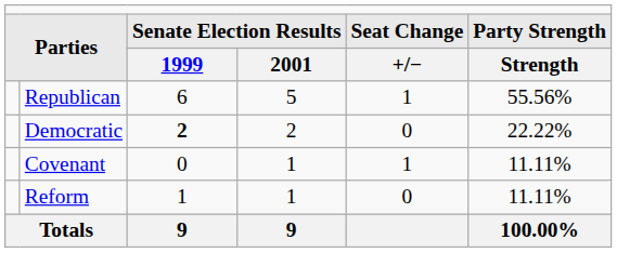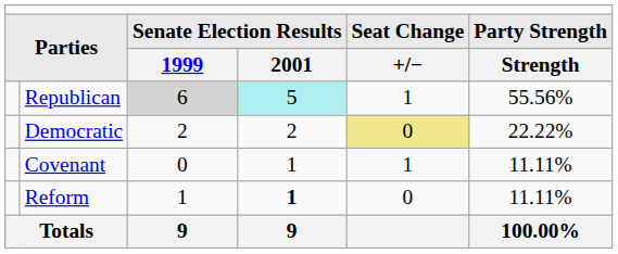 <table class="wikitable">
 <tr>
 <td colspan="6"></td>
 </tr>
 <tr>
 <th colspan="2" rowspan="2" style="background:#e9e9e9; text-align:center">Parties</th>
 <th colspan="2" style="background:#e9e9e9; text-align:center">Senate Election Results</th>
 <th colspan="1" style="background:#e9e9e9; text-align:center">Seat Change</th>
 <th colspan="1" style="background:#e9e9e9; text-align:center">Party Strength</th>
 </tr>
 <tr style="background:#e9e9e9">
 <th><a href='#'>1999</a></th>
 <th>2001</th>
 <th>+/−</th>
 <th>Strength</th>
 </tr>
 <tr>
 <td style="background-color:"> </td>
 <td><a href='#'>Republican</a></td>
-<td align="center">6</td>
-<td align="center">5</td>
+<td align="center" style="background: lightgrey;">6</td>
+<td align="center" style="background: paleturquoise;">5</td>
 <td align="center">1 </td>
 <td align="center">55.56%</td>
 </tr>
 <tr>
 <td style="background-color:"> </td>
 <td><a href='#'>Democratic</a></td>
-<td align="center"><strong>2</strong></td>
 <td align="center">2</td>
-<td align="center">0 </td>
+<td align="center">2</td>
+<td align="center" style="background: khaki;">0 </td>
 <td align="center">22.22%</td>
 </tr>
 <tr>
 <td style="background-color:"> </td>
 <td><a href='#'>Covenant</a></td>
 <td align="center">0</td>
 <td align="center">1</td>
 <td align="center">1 </td>
 <td align="center">11.11%</td>
 </tr>
 <tr>
 <td style="background-color:"> </td>
 <td><a href='#'>Reform</a></td>
 <td align="center">1</td>
-<td align="center">1</td>
+<td align="center"><strong>1</strong></td>
 <td align="center">0 </td>
 <td align="center">11.11%</td>
 </tr>
 <tr style="background:#ccc">
 <th colspan="2">Totals</th>
 <th>9</th>
 <th>9</th>
 <th></th>
 <th>100.00%</th>
 </tr>
 </table>
